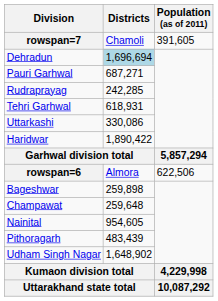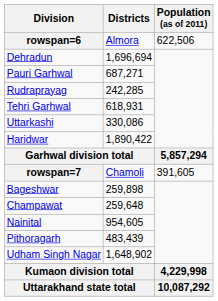 <table class="wikitable sortable static-row-numbers static-row-header-text hover-highlight" "style="font-size: 100%">
 <tr>
 <th class=unsortable>Division</th>
 <th class=unsortable>Districts</th>
 <th class=unsortable>Population<br> <small>(as of 2011)</small></th>
 </tr>
 <tr valign=top>
-<th>rowspan=7 </th>
-<td><a href='#'>Chamoli</a></td>
-<td>391,605</td>
+<th>rowspan=6 </th>
+<td><a href='#'>Almora</a></td>
+<td>622,506</td>
 </tr>
 <tr valign=top>
 <td><a href='#'>Dehradun</a></td>
-<td style="background: lightblue;">1,696,694</td>
+<td>1,696,694</td>
 </tr>
 <tr valign=top>
 <td><a href='#'>Pauri Garhwal</a></td>
 <td>687,271</td>
 </tr>
 <tr valign=top>
 <td><a href='#'>Rudraprayag</a></td>
 <td>242,285</td>
 </tr>
 <tr valign=top>
 <td><a href='#'>Tehri Garhwal</a></td>
 <td>618,931</td>
 </tr>
 <tr valign=top>
 <td><a href='#'>Uttarkashi</a></td>
 <td>330,086</td>
 </tr>
 <tr valign=top>
 <td><a href='#'>Haridwar</a></td>
 <td>1,890,422</td>
 </tr>
 <tr class="sorttop static-row-header">
 <th Colspan=2><strong>Garhwal division total</strong></th>
 <th>5,857,294</th>
 </tr>
 <tr valign=top>
-<th>rowspan=6 </th>
-<td><a href='#'>Almora</a></td>
-<td>622,506</td>
+<th>rowspan=7 </th>
+<td><a href='#'>Chamoli</a></td>
+<td>391,605</td>
 </tr>
 <tr valign=top>
 <td><a href='#'>Bageshwar</a></td>
 <td>259,898</td>
 </tr>
 <tr valign=top>
 <td><a href='#'>Champawat</a></td>
 <td>259,648</td>
 </tr>
 <tr valign=top>
 <td><a href='#'>Nainital</a></td>
 <td>954,605</td>
 </tr>
 <tr valign=top>
 <td><a href='#'>Pithoragarh</a></td>
 <td>483,439</td>
 </tr>
 <tr valign=top>
 <td><a href='#'>Udham Singh Nagar</a></td>
 <td>1,648,902</td>
 </tr>
 <tr class="sorttop static-row-header">
 <th Colspan=2><strong>Kumaon division total</strong></th>
 <th>4,229,998</th>
 </tr>
 <tr class="sorttop static-row-header">
 <th Colspan=2><strong>Uttarakhand state total</strong></th>
 <th>10,087,292</th>
 </tr>
 </table>
